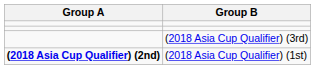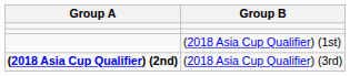 <table class="wikitable">
 <tr>
 <th>Group A</th>
 <th>Group B</th>
 </tr>
 <tr>
 <td></td>
 <td></td>
 </tr>
 <tr>
 <td></td>
 <td></td>
 </tr>
 <tr>
 <td></td>
-<td> (<a href='#'>2018 Asia Cup Qualifier</a>) (3rd)</td>
+<td> (<a href='#'>2018 Asia Cup Qualifier</a>) (1st)</td>
 </tr>
 <tr>
 <td><strong> (<a href='#'>2018 Asia Cup Qualifier</a>) (2nd)</strong></td>
-<td> (<a href='#'>2018 Asia Cup Qualifier</a>) (1st)</td>
+<td> (<a href='#'>2018 Asia Cup Qualifier</a>) (3rd)</td>
 </tr>
 </table>
